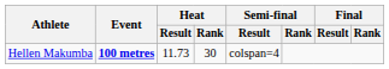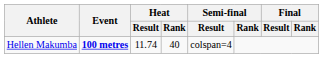 <table class="wikitable" style="font-size:90%">
 <tr>
 <th rowspan="2">Athlete</th>
 <th rowspan="2">Event</th>
 <th colspan="2">Heat</th>
 <th colspan="2">Semi-final</th>
 <th colspan="2">Final</th>
 </tr>
 <tr style="font-size:95%">
 <th>Result</th>
 <th>Rank</th>
 <th>Result</th>
 <th>Rank</th>
 <th>Result</th>
 <th>Rank</th>
 </tr>
 <tr style=text-align:center>
 <td style=text-align:left><a href='#'>Hellen Makumba</a></td>
 <td style=text-align:left><strong><a href='#'>100 metres</a></strong></td>
-<td>11.73</td>
-<td>30</td>
+<td>11.74</td>
+<td>40</td>
 <td>colspan=4 </td>
 </tr>
 </table>
